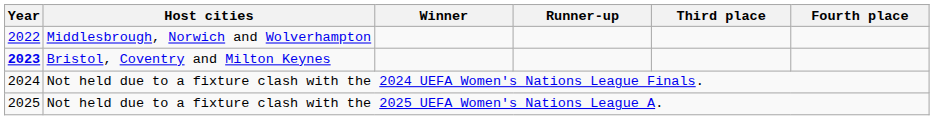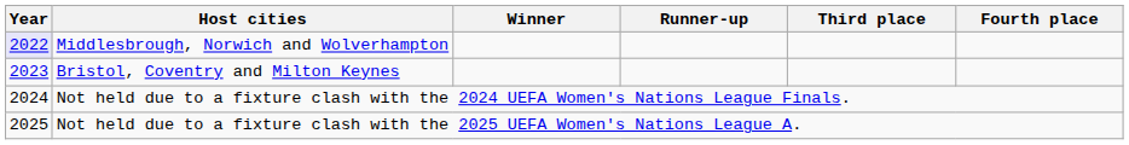 <table class="wikitable" style="text-align: left;">
 <tr>
 <th>Year</th>
 <th>Host cities</th>
 <th width="15%">Winner</th>
 <th width="15%">Runner-up</th>
 <th width="15%">Third place</th>
 <th width="15%">Fourth place</th>
 </tr>
 <tr>
-<td><a href='#'>2022</a></td>
+<td style="background: lavender;"><a href='#'>2022</a></td>
 <td><a href='#'>Middlesbrough</a>, <a href='#'>Norwich</a> and <a href='#'>Wolverhampton</a></td>
 <td></td>
 <td></td>
 <td></td>
 <td></td>
 </tr>
 <tr>
-<td><strong><a href='#'>2023</a></strong></td>
+<td><a href='#'>2023</a></td>
 <td><a href='#'>Bristol</a>, <a href='#'>Coventry</a> and <a href='#'>Milton Keynes</a></td>
 <td></td>
 <td></td>
 <td></td>
 <td></td>
 </tr>
 <tr>
 <td>2024</td>
 <td colspan="5" align="left">Not held due to a fixture clash with the <a href='#'>2024 UEFA Women's Nations League Finals</a>.</td>
 </tr>
 <tr>
 <td>2025</td>
 <td colspan="5" align="left">Not held due to a fixture clash with the <a href='#'>2025 UEFA Women's Nations League A</a>.</td>
 </tr>
 </table>
